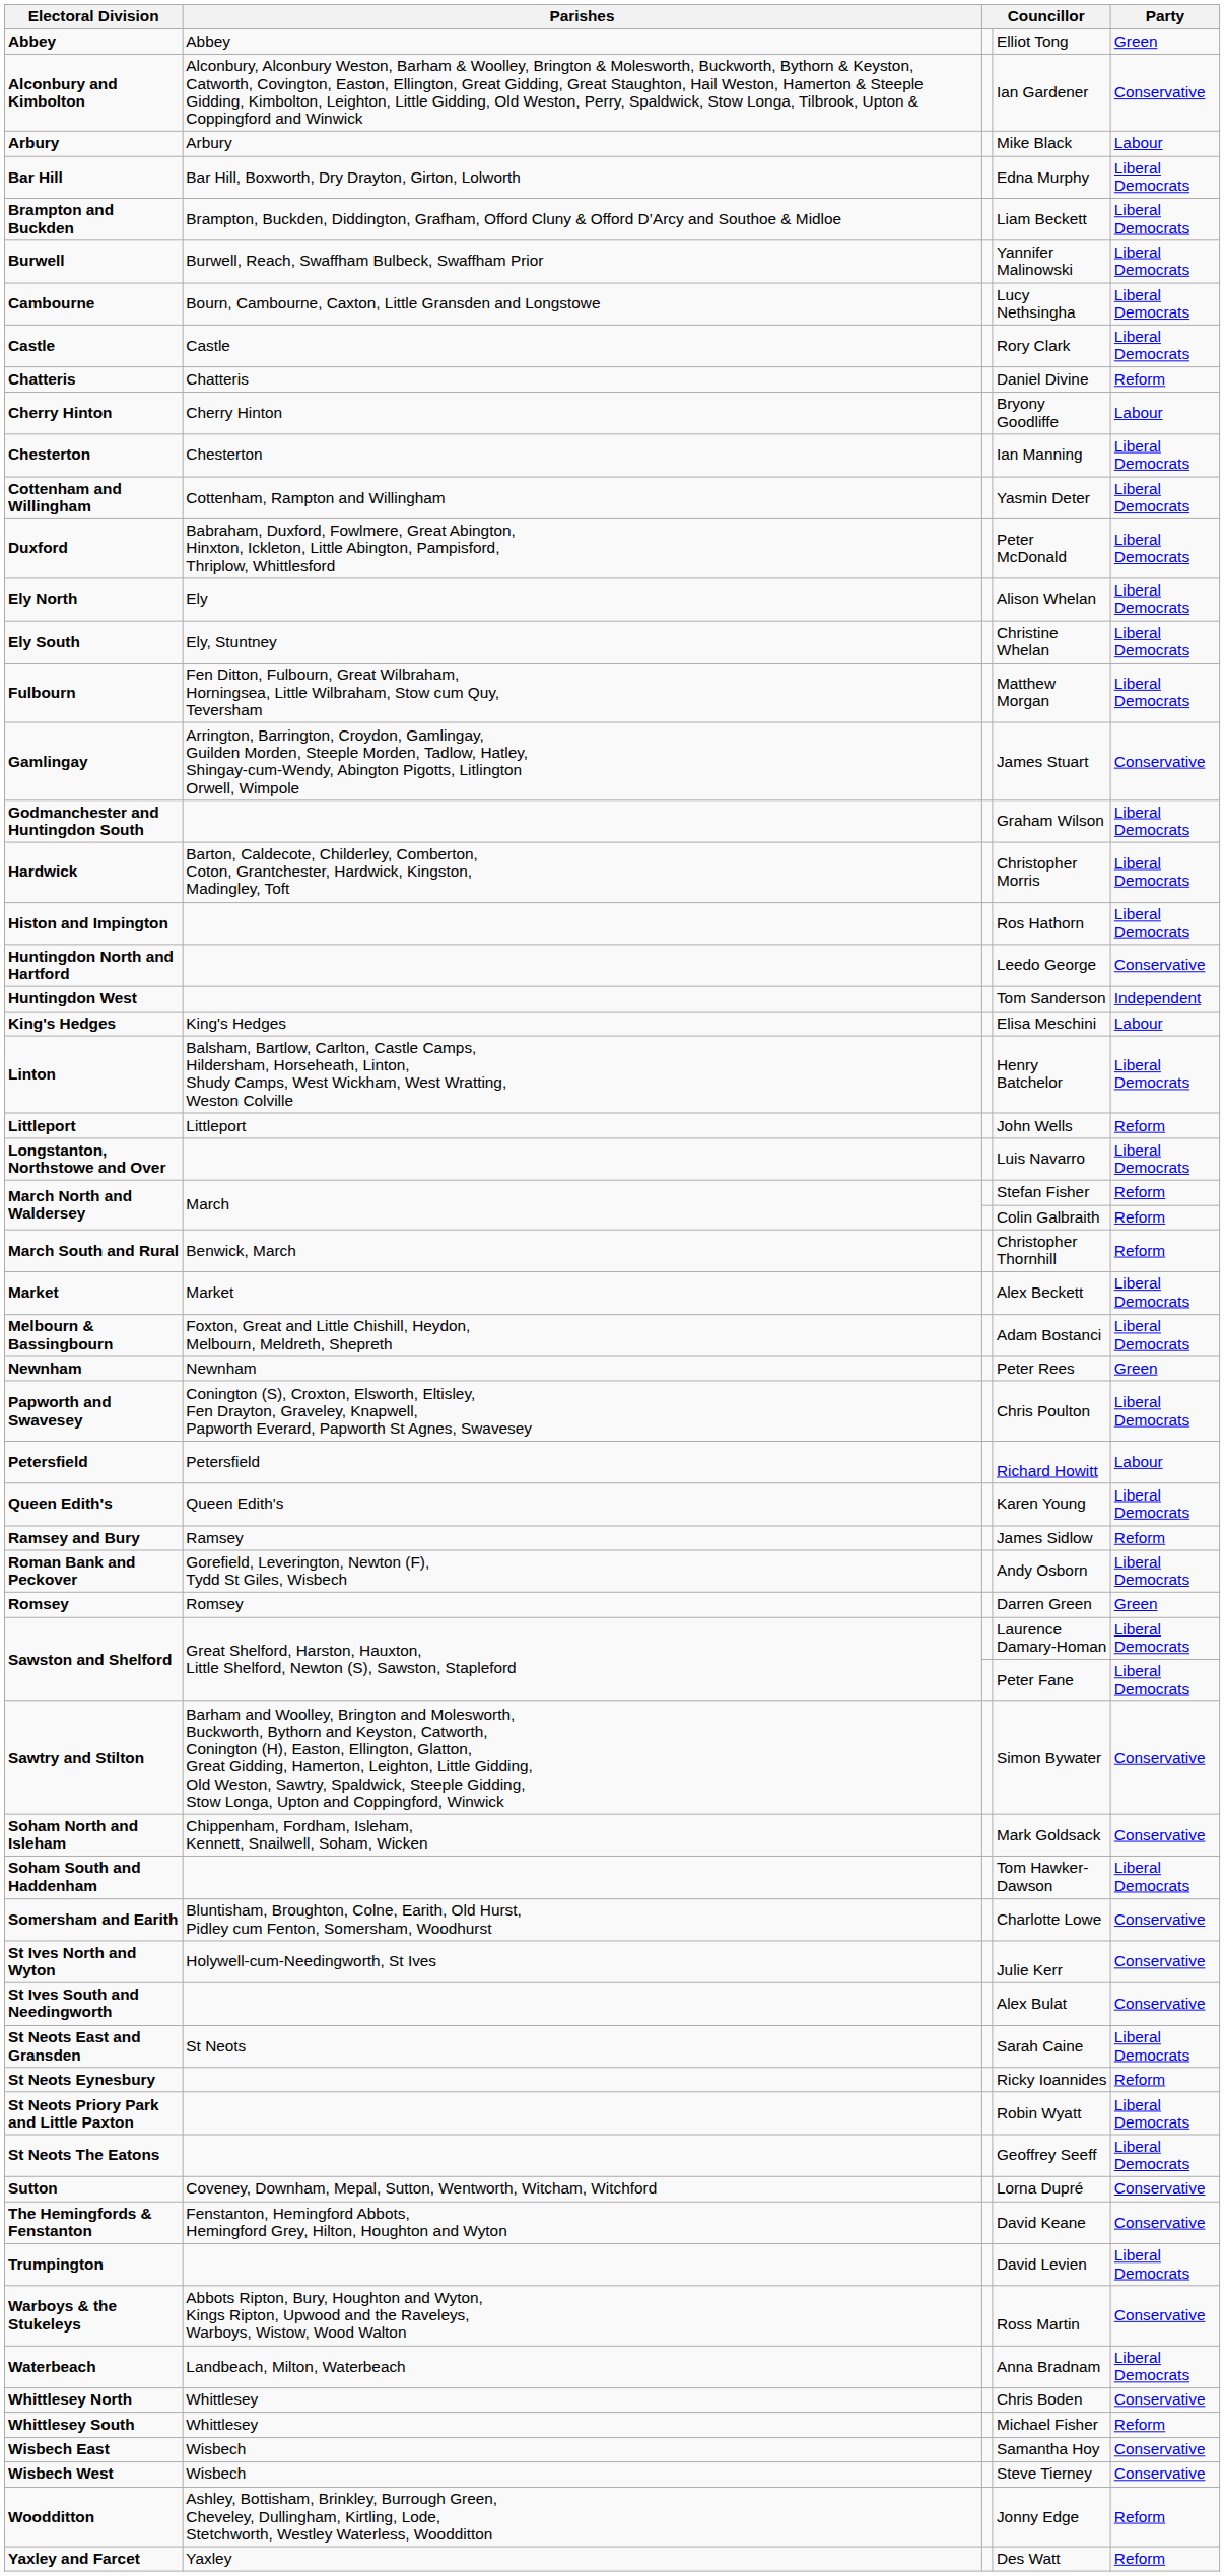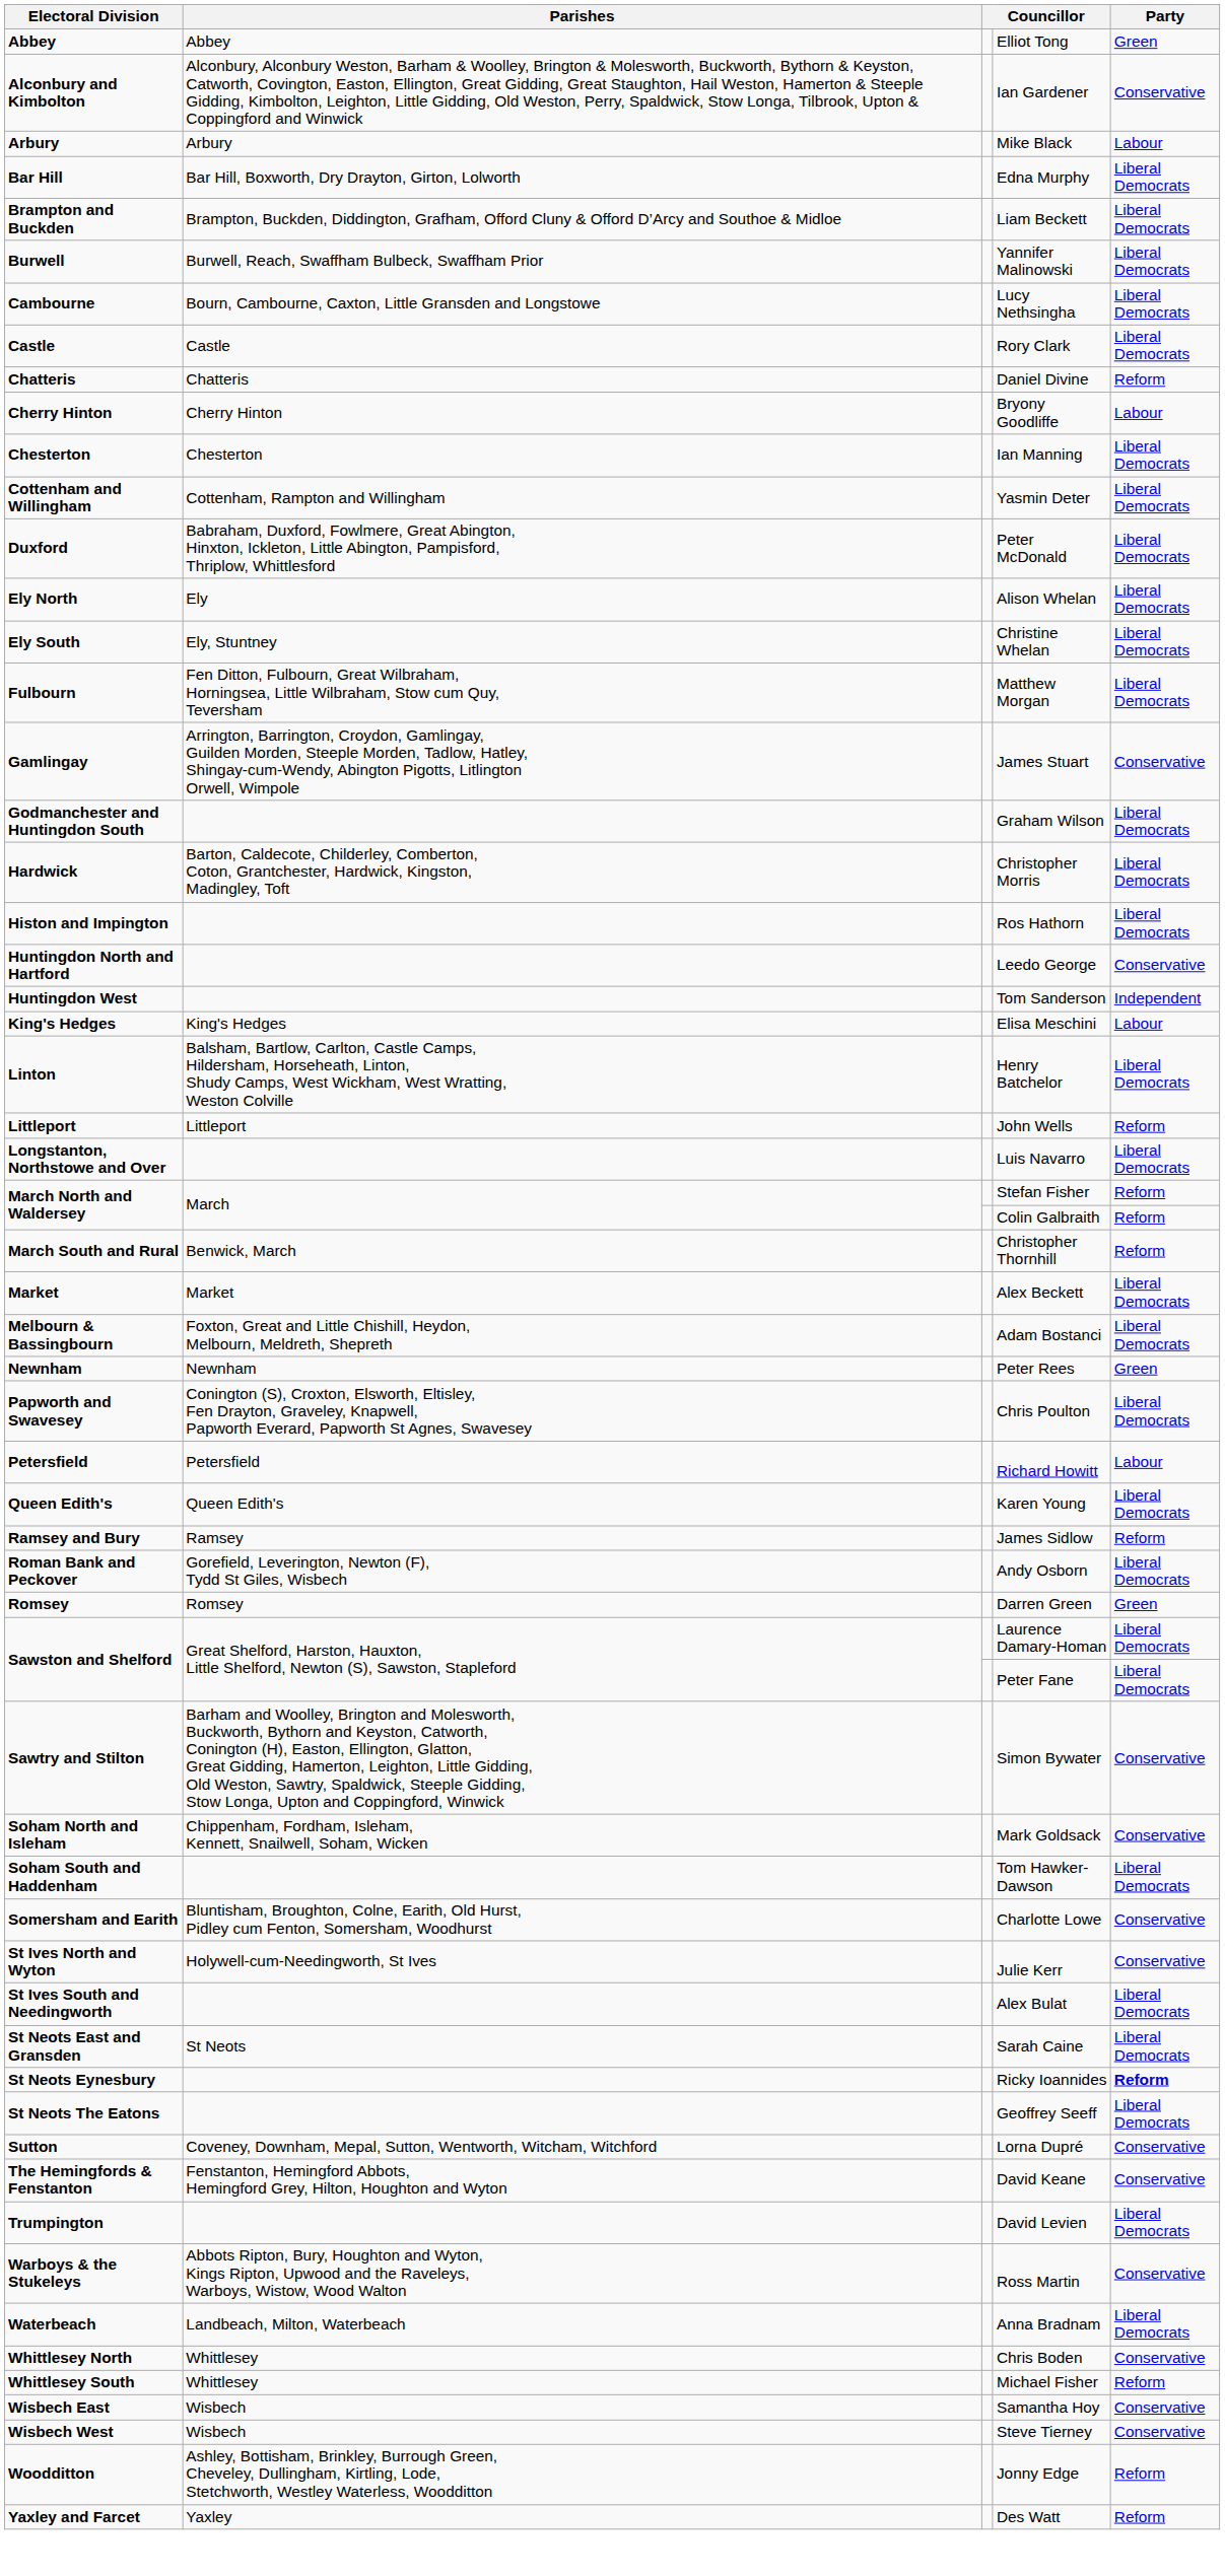 <table class="wikitable">
 <tr>
 <th>Electoral Division</th>
 <th>Parishes</th>
 <th colspan=2>Councillor</th>
 <th>Party</th>
 </tr>
 <tr>
 <td><strong>Abbey</strong></td>
 <td>Abbey</td>
 <td style="background-color: "> </td>
 <td>Elliot Tong</td>
 <td><a href='#'>Green</a></td>
 </tr>
 <tr>
 <td><strong>Alconbury and Kimbolton</strong></td>
 <td>Alconbury, Alconbury Weston, Barham & Woolley, Brington & Molesworth, Buckworth, Bythorn & Keyston, Catworth, Covington, Easton, Ellington, Great Gidding, Great Staughton, Hail Weston, Hamerton & Steeple Gidding, Kimbolton, Leighton, Little Gidding, Old Weston, Perry, Spaldwick, Stow Longa, Tilbrook, Upton & Coppingford and Winwick</td>
 <td style="background-color: "> </td>
 <td>Ian Gardener</td>
 <td><a href='#'>Conservative</a></td>
 </tr>
 <tr>
 <td><strong>Arbury</strong></td>
 <td>Arbury</td>
 <td style="background-color: "> </td>
 <td>Mike Black</td>
 <td><a href='#'>Labour</a></td>
 </tr>
 <tr>
 <td><strong>Bar Hill</strong></td>
 <td>Bar Hill, Boxworth, Dry Drayton, Girton, Lolworth</td>
 <td style="background-color: "> </td>
 <td>Edna Murphy</td>
 <td><a href='#'>Liberal Democrats</a></td>
 </tr>
 <tr>
 <td><strong>Brampton and Buckden</strong></td>
 <td>Brampton, Buckden, Diddington, Grafham, Offord Cluny & Offord D’Arcy and Southoe & Midloe</td>
 <td style="background-color: "> </td>
 <td>Liam Beckett</td>
 <td><a href='#'>Liberal Democrats</a></td>
 </tr>
 <tr>
 <td><strong>Burwell</strong></td>
 <td>Burwell, Reach, Swaffham Bulbeck, Swaffham Prior</td>
 <td style="background-color: "> </td>
 <td>Yannifer Malinowski</td>
 <td><a href='#'>Liberal Democrats</a></td>
 </tr>
 <tr>
 <td><strong>Cambourne</strong></td>
 <td>Bourn, Cambourne, Caxton, Little Gransden and Longstowe</td>
 <td style="background-color: "> </td>
 <td>Lucy Nethsingha</td>
 <td><a href='#'>Liberal Democrats</a></td>
 </tr>
 <tr>
 <td><strong>Castle</strong></td>
 <td>Castle</td>
 <td style="background-color: "> </td>
 <td>Rory Clark</td>
 <td><a href='#'>Liberal Democrats</a></td>
 </tr>
 <tr>
 <td><strong>Chatteris</strong></td>
 <td>Chatteris</td>
 <td style="background-color: "> </td>
 <td>Daniel Divine</td>
 <td><a href='#'>Reform</a></td>
 </tr>
 <tr>
 <td><strong>Cherry Hinton</strong></td>
 <td>Cherry Hinton</td>
 <td style="background-color: "> </td>
 <td>Bryony Goodliffe</td>
 <td><a href='#'>Labour</a></td>
 </tr>
 <tr>
 <td><strong>Chesterton</strong></td>
 <td>Chesterton</td>
 <td style="background-color: "> </td>
 <td>Ian Manning</td>
 <td><a href='#'>Liberal Democrats</a></td>
 </tr>
 <tr>
 <td><strong>Cottenham and Willingham</strong></td>
 <td>Cottenham, Rampton and Willingham</td>
 <td style="background-color: "> </td>
 <td>Yasmin Deter</td>
 <td><a href='#'>Liberal Democrats</a></td>
 </tr>
 <tr>
 <td><strong>Duxford</strong></td>
 <td>Babraham, Duxford, Fowlmere, Great Abington,<br>Hinxton, Ickleton, Little Abington, Pampisford,<br>Thriplow, Whittlesford</td>
 <td style="background-color: "> </td>
 <td>Peter McDonald</td>
 <td><a href='#'>Liberal Democrats</a></td>
 </tr>
 <tr>
 <td><strong>Ely North</strong></td>
 <td>Ely</td>
 <td style="background-color: "> </td>
 <td>Alison Whelan</td>
 <td><a href='#'>Liberal Democrats</a></td>
 </tr>
 <tr>
 <td><strong>Ely South</strong></td>
 <td>Ely, Stuntney</td>
 <td style="background-color: "> </td>
 <td>Christine Whelan</td>
 <td><a href='#'>Liberal Democrats</a></td>
 </tr>
 <tr>
 <td><strong>Fulbourn</strong></td>
 <td>Fen Ditton, Fulbourn, Great Wilbraham,<br>Horningsea, Little Wilbraham, Stow cum Quy,<br>Teversham</td>
 <td style="background-color: "> </td>
 <td>Matthew Morgan</td>
 <td><a href='#'>Liberal Democrats</a></td>
 </tr>
 <tr>
 <td><strong>Gamlingay</strong></td>
 <td>Arrington, Barrington, Croydon, Gamlingay,<br>Guilden Morden, Steeple Morden, Tadlow, Hatley,<br>Shingay-cum-Wendy, Abington Pigotts, Litlington<br>Orwell, Wimpole</td>
 <td style="background-color: "> </td>
 <td>James Stuart</td>
 <td><a href='#'>Conservative</a></td>
 </tr>
 <tr>
 <td><strong>Godmanchester and Huntingdon South</strong></td>
 <td></td>
 <td style="background-color: "> </td>
 <td>Graham Wilson</td>
 <td><a href='#'>Liberal Democrats</a></td>
 </tr>
 <tr>
 <td><strong>Hardwick</strong></td>
 <td>Barton, Caldecote, Childerley, Comberton,<br>Coton, Grantchester, Hardwick, Kingston,<br>Madingley, Toft</td>
 <td style="background-color: "> </td>
 <td>Christopher Morris</td>
 <td><a href='#'>Liberal Democrats</a></td>
 </tr>
 <tr>
 <td><strong>Histon and Impington</strong></td>
 <td></td>
 <td style="background-color: "> </td>
 <td>Ros Hathorn</td>
 <td><a href='#'>Liberal Democrats</a></td>
 </tr>
 <tr>
 <td><strong>Huntingdon North and Hartford</strong></td>
 <td></td>
 <td style="background-color: "> </td>
 <td>Leedo George</td>
 <td><a href='#'>Conservative</a></td>
 </tr>
 <tr>
 <td><strong>Huntingdon West</strong></td>
 <td></td>
 <td style="background-color: "> </td>
 <td>Tom Sanderson</td>
 <td><a href='#'>Independent</a></td>
 </tr>
 <tr>
 <td><strong>King's Hedges</strong></td>
 <td>King's Hedges</td>
 <td style="background-color: "> </td>
 <td>Elisa Meschini</td>
 <td><a href='#'>Labour</a></td>
 </tr>
 <tr>
 <td><strong>Linton</strong></td>
 <td>Balsham, Bartlow, Carlton, Castle Camps,<br>Hildersham, Horseheath, Linton,<br>Shudy Camps, West Wickham, West Wratting,<br>Weston Colville</td>
 <td style="background-color: "> </td>
 <td>Henry Batchelor</td>
 <td><a href='#'>Liberal Democrats</a></td>
 </tr>
 <tr>
 <td><strong>Littleport</strong></td>
 <td>Littleport</td>
 <td style="background-color: "> </td>
 <td>John Wells</td>
 <td><a href='#'>Reform</a></td>
 </tr>
 <tr>
 <td><strong>Longstanton, Northstowe and Over</strong></td>
 <td></td>
 <td style="background-color: "> </td>
 <td>Luis Navarro</td>
 <td><a href='#'>Liberal Democrats</a></td>
 </tr>
 <tr>
 <td rowspan="2"><strong>March North and Waldersey</strong></td>
 <td rowspan="2">March</td>
 <td style="background-color: "> </td>
 <td>Stefan Fisher</td>
 <td><a href='#'>Reform</a></td>
 </tr>
 <tr>
 <td style="background-color: "> </td>
 <td>Colin Galbraith</td>
 <td><a href='#'>Reform</a></td>
 </tr>
 <tr>
 <td><strong>March South and Rural</strong></td>
 <td>Benwick, March</td>
 <td style="background-color: "> </td>
 <td>Christopher Thornhill</td>
 <td><a href='#'>Reform</a></td>
 </tr>
 <tr>
 <td><strong>Market</strong></td>
 <td>Market</td>
 <td style="background-color: "> </td>
 <td>Alex Beckett</td>
 <td><a href='#'>Liberal Democrats</a></td>
 </tr>
 <tr>
 <td><strong>Melbourn & Bassingbourn</strong></td>
 <td>Foxton, Great and Little Chishill, Heydon,<br>Melbourn, Meldreth, Shepreth</td>
 <td style="background-color: "> </td>
 <td>Adam Bostanci</td>
 <td><a href='#'>Liberal Democrats</a></td>
 </tr>
 <tr>
 <td><strong>Newnham</strong></td>
 <td>Newnham</td>
 <td style="background-color: "> </td>
 <td>Peter Rees</td>
 <td><a href='#'>Green</a></td>
 </tr>
 <tr>
 <td><strong>Papworth and Swavesey</strong></td>
 <td>Conington (S), Croxton, Elsworth, Eltisley,<br>Fen Drayton, Graveley, Knapwell,<br>Papworth Everard, Papworth St Agnes, Swavesey</td>
 <td style="background-color: "> </td>
 <td>Chris Poulton</td>
 <td><a href='#'>Liberal Democrats</a></td>
 </tr>
 <tr>
 <td><strong>Petersfield</strong></td>
 <td>Petersfield</td>
 <td style="background-color: "> </td>
 <td><br><a href='#'>Richard Howitt</a></td>
 <td><a href='#'>Labour</a></td>
 </tr>
 <tr>
 <td><strong>Queen Edith's</strong></td>
 <td>Queen Edith's</td>
 <td style="background-color: "> </td>
 <td>Karen Young</td>
 <td><a href='#'>Liberal Democrats</a></td>
 </tr>
 <tr>
 <td><strong>Ramsey and Bury</strong></td>
 <td>Ramsey</td>
 <td style="background-color: "> </td>
 <td>James Sidlow</td>
 <td><a href='#'>Reform</a></td>
 </tr>
 <tr>
 <td><strong>Roman Bank and Peckover</strong></td>
 <td>Gorefield, Leverington, Newton (F),<br>Tydd St Giles, Wisbech</td>
 <td style="background-color: "> </td>
 <td>Andy Osborn</td>
 <td><a href='#'>Liberal Democrats</a></td>
 </tr>
 <tr>
 <td><strong>Romsey</strong></td>
 <td>Romsey</td>
 <td style="background-color: "> </td>
 <td>Darren Green</td>
 <td><a href='#'>Green</a></td>
 </tr>
 <tr>
 <td rowspan="2"><strong>Sawston and Shelford</strong></td>
 <td rowspan="2">Great Shelford, Harston, Hauxton,<br>Little Shelford, Newton (S), Sawston, Stapleford</td>
 <td style="background-color: "> </td>
 <td>Laurence Damary-Homan</td>
 <td><a href='#'>Liberal Democrats</a></td>
 </tr>
 <tr>
 <td style="background-color: "> </td>
 <td>Peter Fane</td>
 <td><a href='#'>Liberal Democrats</a></td>
 </tr>
 <tr>
 <td><strong>Sawtry and Stilton</strong></td>
 <td>Barham and Woolley, Brington and Molesworth,<br>Buckworth, Bythorn and Keyston, Catworth,<br>Conington (H), Easton, Ellington, Glatton,<br>Great Gidding, Hamerton, Leighton, Little Gidding,<br>Old Weston, Sawtry, Spaldwick, Steeple Gidding,<br>Stow Longa, Upton and Coppingford, Winwick</td>
 <td style="background-color: "> </td>
 <td>Simon Bywater</td>
 <td><a href='#'>Conservative</a></td>
 </tr>
 <tr>
 <td><strong>Soham North and Isleham</strong></td>
 <td>Chippenham, Fordham, Isleham,<br>Kennett, Snailwell, Soham, Wicken</td>
 <td style="background-color: "></td>
 <td>Mark Goldsack</td>
 <td><a href='#'>Conservative</a></td>
 </tr>
 <tr>
 <td><strong>Soham South and Haddenham</strong></td>
 <td></td>
 <td style="background-color: "> </td>
 <td>Tom Hawker-Dawson</td>
 <td><a href='#'>Liberal Democrats</a></td>
 </tr>
 <tr>
 <td><strong>Somersham and Earith</strong></td>
 <td>Bluntisham, Broughton, Colne, Earith, Old Hurst,<br>Pidley cum Fenton, Somersham, Woodhurst</td>
 <td style="background-color: "> </td>
 <td>Charlotte Lowe</td>
 <td><a href='#'>Conservative</a></td>
 </tr>
 <tr>
 <td><strong>St Ives North and Wyton</strong></td>
 <td>Holywell-cum-Needingworth, St Ives</td>
 <td style="background-color: "> </td>
 <td><br>Julie Kerr</td>
 <td><a href='#'>Conservative</a></td>
 </tr>
 <tr>
 <td><strong>St Ives South and Needingworth</strong></td>
 <td></td>
 <td style="background-color: "> </td>
 <td>Alex Bulat</td>
-<td><a href='#'>Conservative</a></td>
+<td><a href='#'>Liberal Democrats</a></td>
 </tr>
 <tr>
 <td><strong>St Neots East and Gransden</strong></td>
 <td>St Neots</td>
 <td style="background-color: "> </td>
 <td>Sarah Caine</td>
 <td><a href='#'>Liberal Democrats</a></td>
 </tr>
 <tr>
 <td><strong>St Neots Eynesbury</strong></td>
 <td></td>
 <td style="background-color: "> </td>
 <td>Ricky Ioannides</td>
-<td><a href='#'>Reform</a></td>
-</tr>
-<tr>
-<td><strong>St Neots Priory Park and Little Paxton</strong></td>
-<td></td>
-<td style="background-color: "></td>
-<td>Robin Wyatt</td>
-<td><a href='#'>Liberal Democrats</a></td>
+<td><strong><a href='#'>Reform</a></strong></td>
 </tr>
 <tr>
 <td><strong>St Neots The Eatons</strong></td>
 <td></td>
 <td style="background-color: "> </td>
 <td>Geoffrey Seeff</td>
 <td><a href='#'>Liberal Democrats</a></td>
 </tr>
 <tr>
 <td><strong>Sutton</strong></td>
 <td>Coveney, Downham, Mepal, Sutton, Wentworth, Witcham, Witchford</td>
 <td style="background-color: "> </td>
 <td>Lorna Dupré</td>
 <td><a href='#'>Conservative</a></td>
 </tr>
 <tr>
 <td><strong>The Hemingfords & Fenstanton</strong></td>
 <td>Fenstanton, Hemingford Abbots,<br>Hemingford Grey, Hilton, Houghton and Wyton</td>
 <td style="background-color: "> </td>
 <td>David Keane</td>
 <td><a href='#'>Conservative</a></td>
 </tr>
 <tr>
 <td><strong>Trumpington</strong></td>
 <td></td>
 <td style="background-color: "> </td>
 <td>David Levien</td>
 <td><a href='#'>Liberal Democrats</a></td>
 </tr>
 <tr>
 <td><strong>Warboys & the Stukeleys</strong></td>
 <td>Abbots Ripton, Bury, Houghton and Wyton,<br>Kings Ripton, Upwood and the Raveleys,<br>Warboys, Wistow, Wood Walton</td>
 <td style="background-color: "> </td>
 <td><br>Ross Martin</td>
 <td><a href='#'>Conservative</a></td>
 </tr>
 <tr>
 <td><strong>Waterbeach</strong></td>
 <td>Landbeach, Milton, Waterbeach</td>
 <td style="background-color: "> </td>
 <td>Anna Bradnam</td>
 <td><a href='#'>Liberal Democrats</a></td>
 </tr>
 <tr>
 <td><strong>Whittlesey North</strong></td>
 <td>Whittlesey</td>
 <td style="background-color: "> </td>
 <td>Chris Boden</td>
 <td><a href='#'>Conservative</a></td>
 </tr>
 <tr>
 <td><strong>Whittlesey South</strong></td>
 <td>Whittlesey</td>
 <td style="background-color: "> </td>
 <td>Michael Fisher</td>
 <td><a href='#'>Reform</a></td>
 </tr>
 <tr>
 <td><strong>Wisbech East</strong></td>
 <td>Wisbech</td>
 <td style="background-color: "> </td>
 <td>Samantha Hoy</td>
 <td><a href='#'>Conservative</a></td>
 </tr>
 <tr>
 <td><strong>Wisbech West</strong></td>
 <td>Wisbech</td>
 <td style="background-color: "> </td>
 <td>Steve Tierney</td>
 <td><a href='#'>Conservative</a></td>
 </tr>
 <tr>
 <td><strong>Woodditton</strong></td>
 <td>Ashley, Bottisham, Brinkley, Burrough Green,<br>Cheveley, Dullingham, Kirtling, Lode,<br>Stetchworth, Westley Waterless, Woodditton</td>
 <td style="background-color: "> </td>
 <td>Jonny Edge</td>
 <td><a href='#'>Reform</a></td>
 </tr>
 <tr>
 <td><strong>Yaxley and Farcet</strong></td>
 <td>Yaxley</td>
 <td style="background-color: "> </td>
 <td>Des Watt</td>
 <td><a href='#'>Reform</a></td>
 </tr>
 </table>
